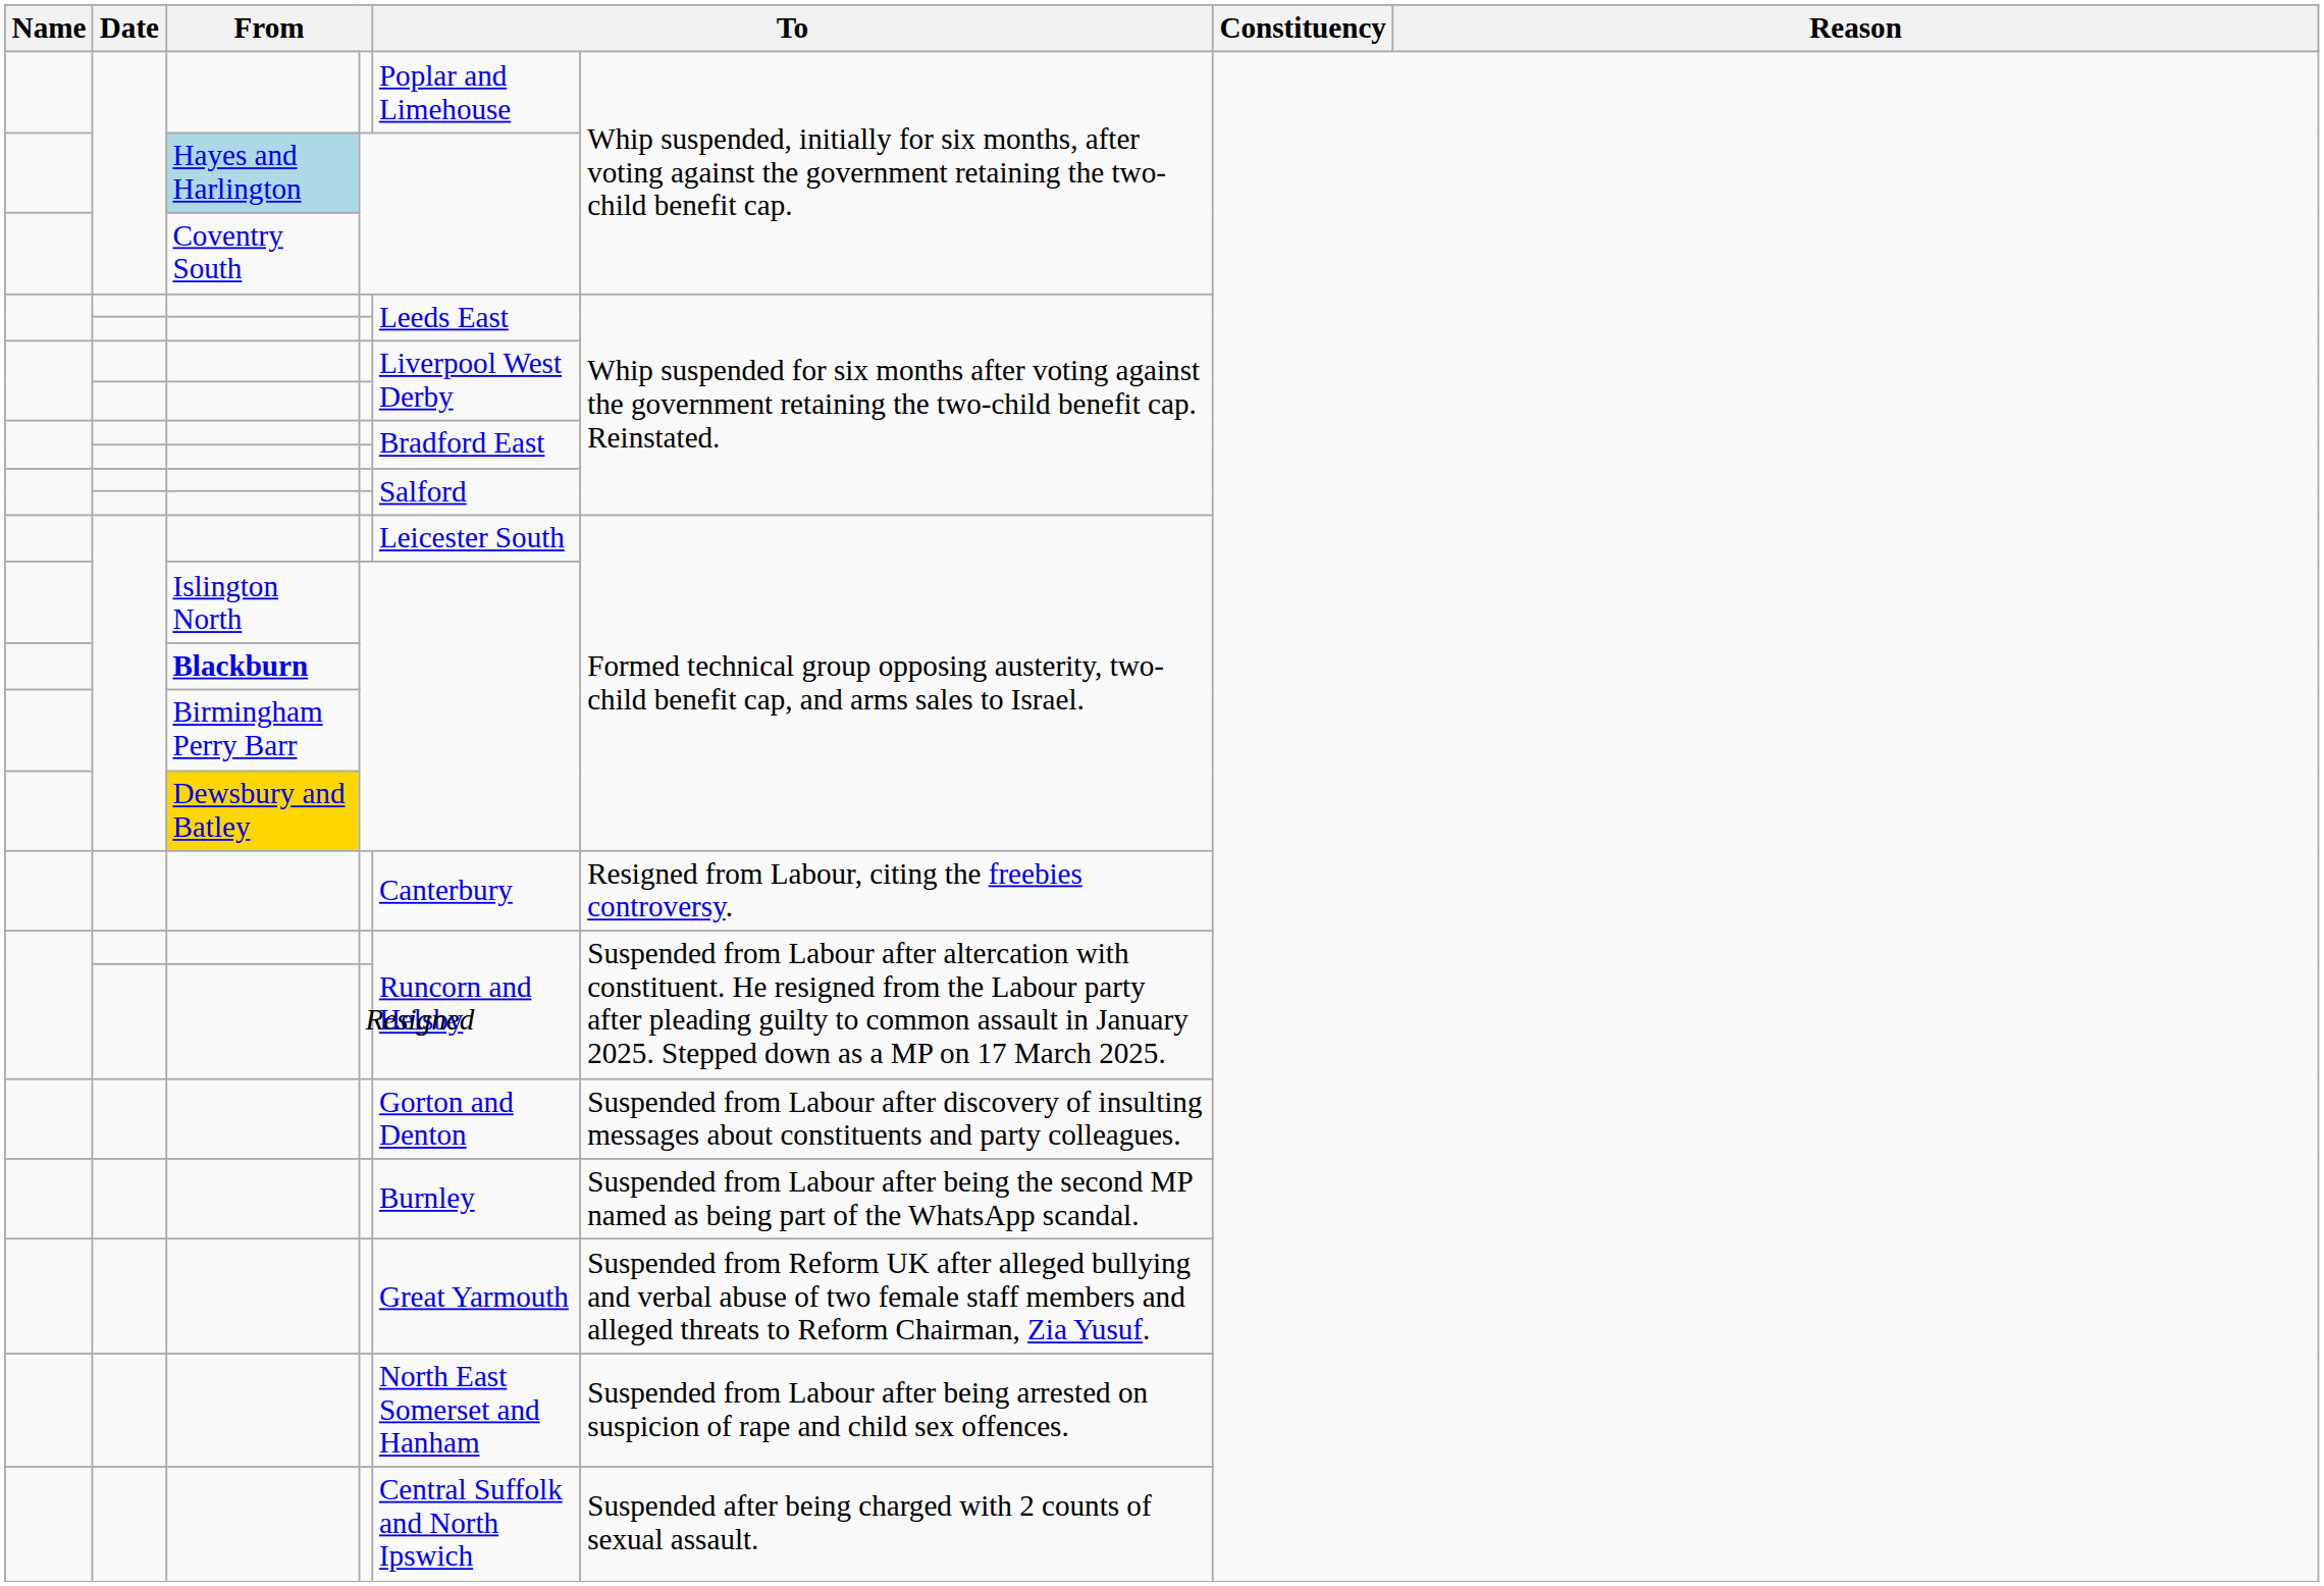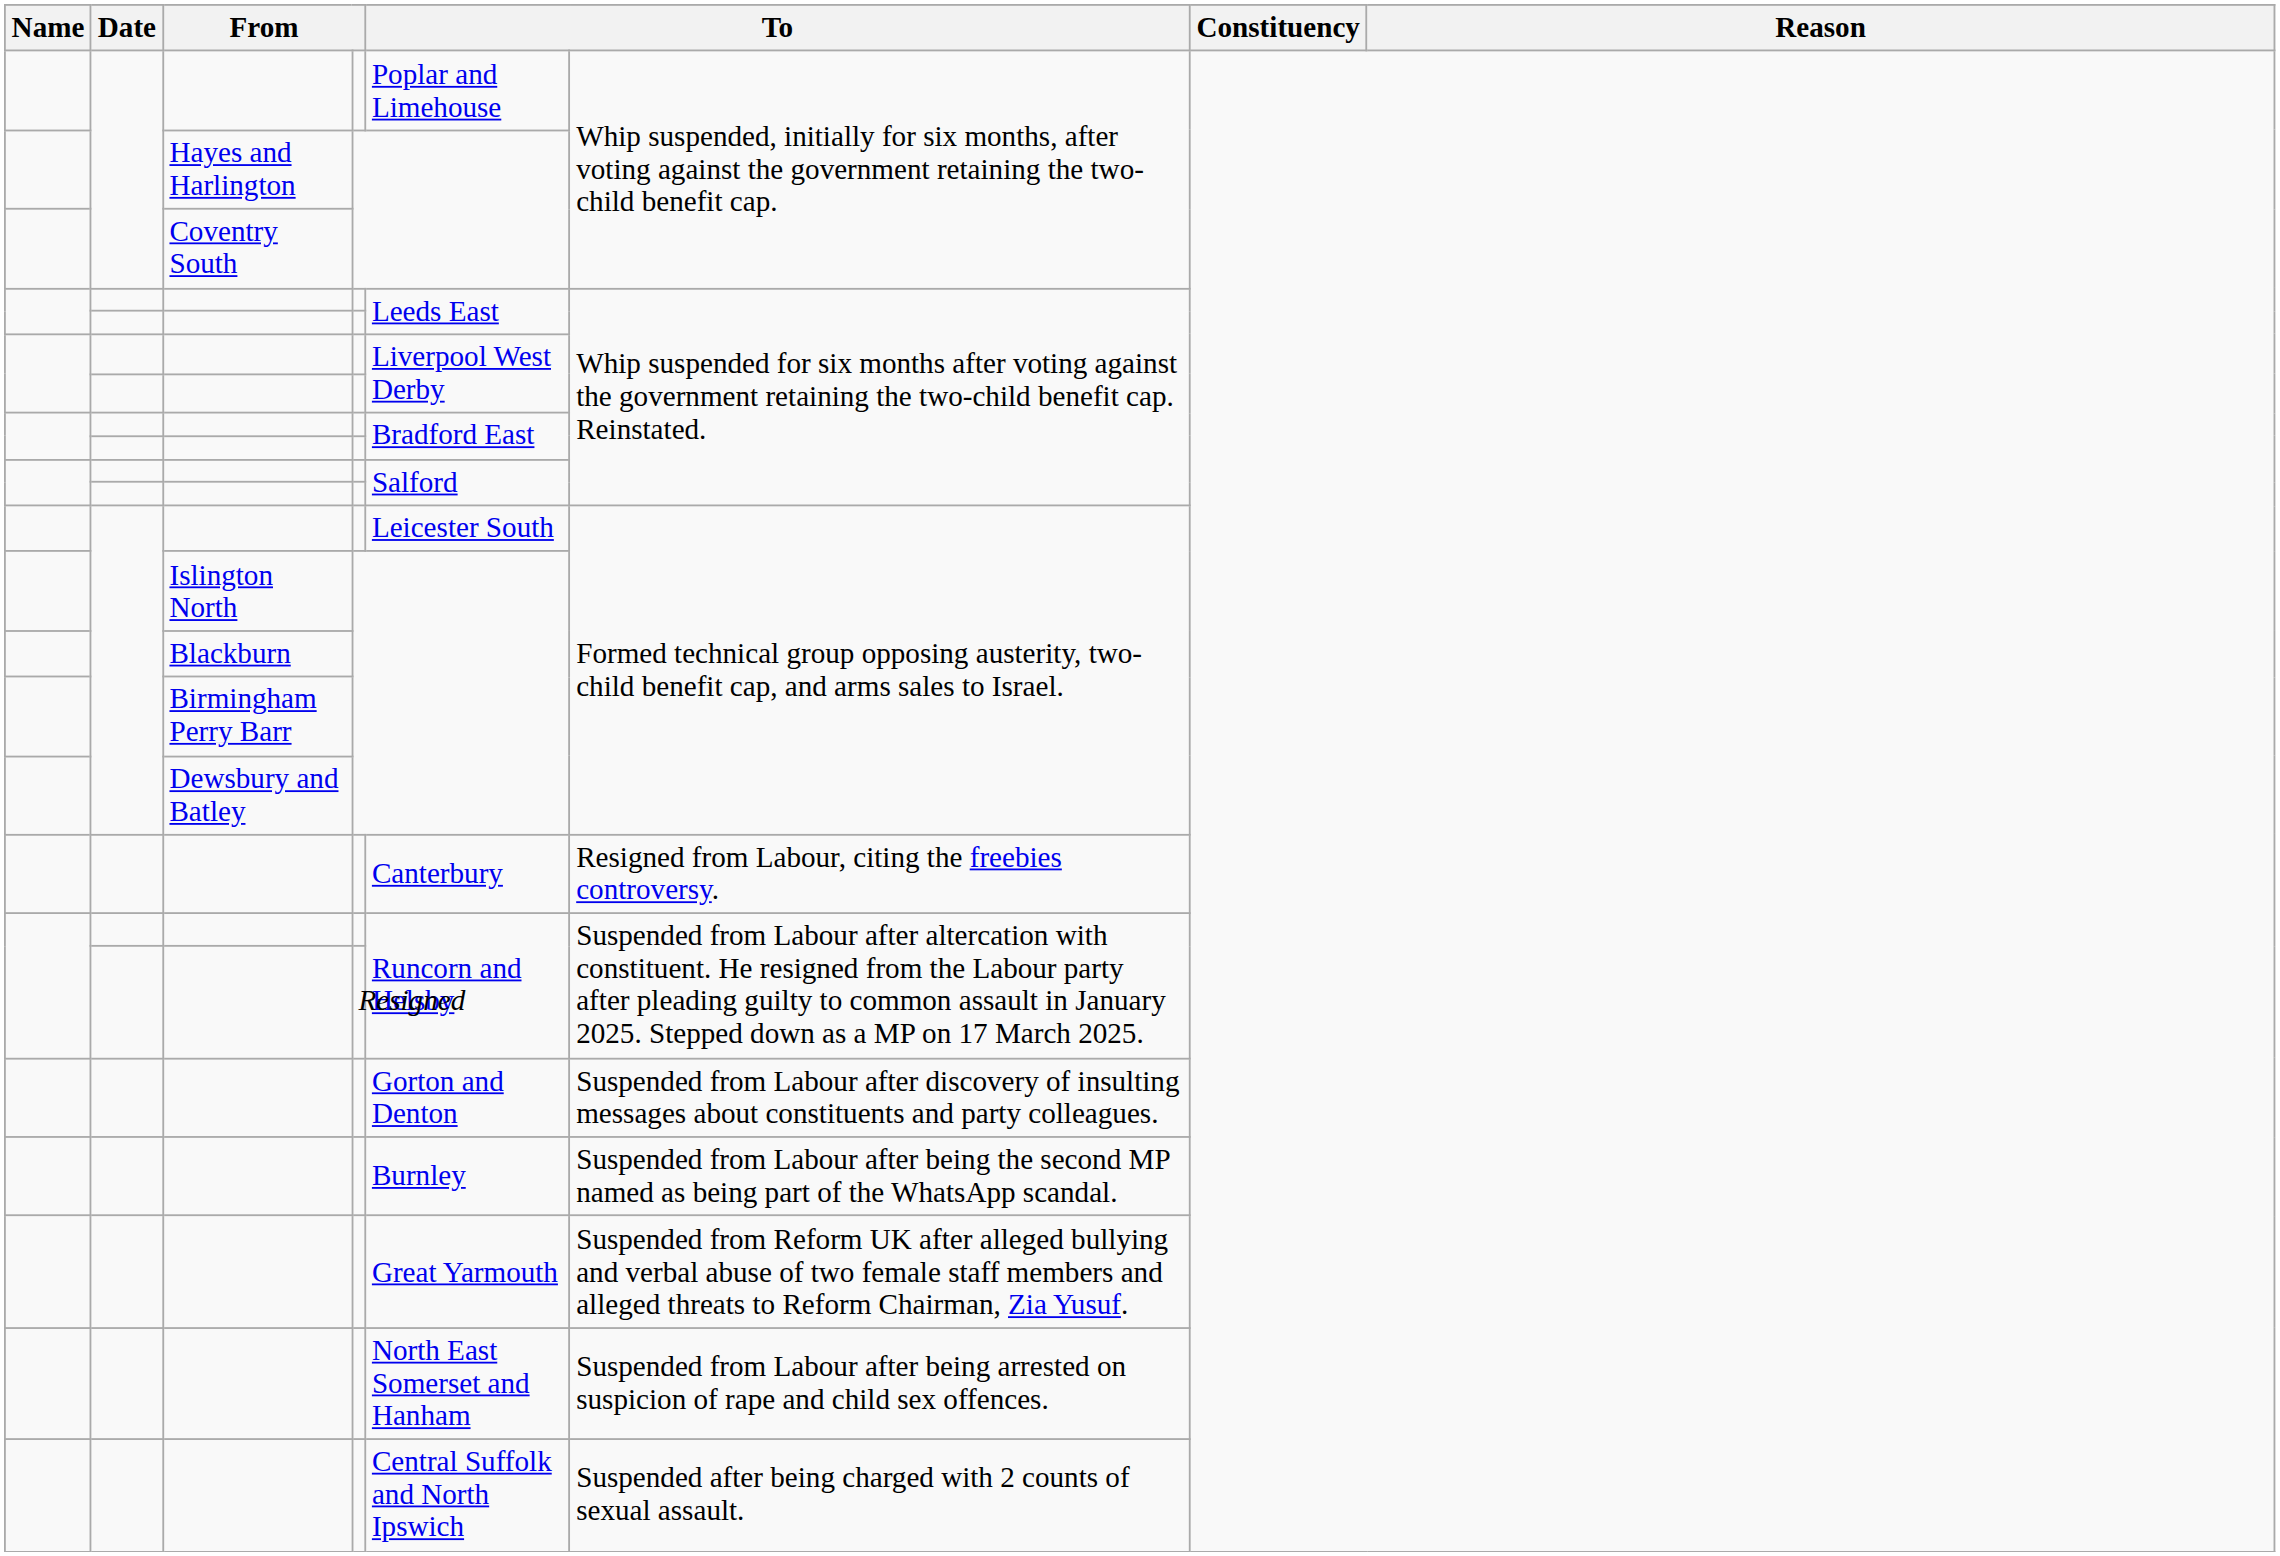 <table class="wikitable sortable">
 <tr>
 <th>Name</th>
 <th>Date</th>
 <th colspan=2 class="unsortable">From</th>
 <th colspan=2 class="unsortable">To</th>
 <th class="unsortable">Constituency</th>
 <th width="40%" class="unsortable">Reason</th>
 </tr>
 <tr>
 <td></td>
 <td rowspan="3"></td>
 <td></td>
 <td></td>
 <td><a href='#'>Poplar and Limehouse</a></td>
 <td rowspan="3">Whip suspended, initially for six months, after voting against the government retaining the two-child benefit cap.</td>
 </tr>
 <tr>
 <td></td>
-<td style="background: lightblue;"><a href='#'>Hayes and Harlington</a></td>
+<td><a href='#'>Hayes and Harlington</a></td>
 </tr>
 <tr>
 <td></td>
 <td><a href='#'>Coventry South</a></td>
 </tr>
 <tr>
 <td rowspan=2></td>
 <td></td>
 <td></td>
 <td></td>
 <td rowspan=2><a href='#'>Leeds East</a></td>
 <td rowspan=8>Whip suspended for six months after voting against the government retaining the two-child benefit cap. Reinstated.</td>
 </tr>
 <tr>
 <td></td>
 <td></td>
 <td></td>
 </tr>
 <tr>
 <td rowspan=2></td>
 <td></td>
 <td></td>
 <td></td>
 <td rowspan=2><a href='#'>Liverpool West Derby</a></td>
 </tr>
 <tr>
 <td></td>
 <td></td>
 <td></td>
 </tr>
 <tr>
 <td rowspan=2></td>
 <td></td>
 <td></td>
 <td></td>
 <td rowspan=2><a href='#'>Bradford East</a></td>
 </tr>
 <tr>
 <td></td>
 <td></td>
 <td></td>
 </tr>
 <tr>
 <td rowspan=2></td>
 <td></td>
 <td></td>
 <td></td>
 <td rowspan=2><a href='#'>Salford</a></td>
 </tr>
 <tr>
 <td></td>
 <td></td>
 <td></td>
 </tr>
 <tr>
 <td></td>
 <td rowspan="5"></td>
 <td></td>
 <td></td>
 <td><a href='#'>Leicester South</a></td>
 <td rowspan="5">Formed technical group opposing austerity, two-child benefit cap, and arms sales to Israel.</td>
 </tr>
 <tr>
 <td></td>
 <td><a href='#'>Islington North</a></td>
 </tr>
 <tr>
 <td></td>
-<td><strong><a href='#'>Blackburn</a></strong></td>
+<td><a href='#'>Blackburn</a></td>
 </tr>
 <tr>
 <td></td>
 <td><a href='#'>Birmingham Perry Barr</a></td>
 </tr>
 <tr>
 <td></td>
-<td style="background: gold;"><a href='#'>Dewsbury and Batley</a></td>
+<td><a href='#'>Dewsbury and Batley</a></td>
 </tr>
 <tr>
 <td></td>
 <td></td>
 <td></td>
 <td></td>
 <td><a href='#'>Canterbury</a></td>
 <td>Resigned from Labour, citing the <a href='#'>freebies controversy</a>.</td>
 </tr>
 <tr>
 <td rowspan="2"></td>
 <td></td>
 <td></td>
 <td></td>
 <td rowspan="2"><a href='#'>Runcorn and Helsby</a></td>
 <td rowspan="2">Suspended from Labour after altercation with constituent. He resigned from the Labour party after pleading guilty to common assault in January 2025. Stepped down as a MP on 17 March 2025.</td>
 </tr>
 <tr>
 <td></td>
 <td></td>
 <td colspan=2><em>Resigned</em></td>
 </tr>
 <tr>
 <td></td>
 <td></td>
 <td></td>
 <td></td>
 <td><a href='#'>Gorton and Denton</a></td>
 <td>Suspended from Labour after discovery of insulting messages about constituents and party colleagues.</td>
 </tr>
 <tr>
 <td></td>
 <td></td>
 <td></td>
 <td></td>
 <td><a href='#'>Burnley</a></td>
 <td>Suspended from Labour after being the second MP named as being part of the WhatsApp scandal.</td>
 </tr>
 <tr>
 <td></td>
 <td></td>
 <td></td>
 <td></td>
 <td><a href='#'>Great Yarmouth</a></td>
 <td>Suspended from Reform UK after alleged bullying and verbal abuse of two female staff members and alleged threats to Reform Chairman, <a href='#'>Zia Yusuf</a>.</td>
 </tr>
 <tr>
 <td></td>
 <td></td>
 <td></td>
 <td></td>
 <td><a href='#'>North East Somerset and Hanham</a></td>
 <td>Suspended from Labour after being arrested on suspicion of rape and child sex offences.</td>
 </tr>
 <tr>
 <td></td>
 <td></td>
 <td></td>
 <td></td>
 <td><a href='#'>Central Suffolk and North Ipswich</a></td>
 <td>Suspended after being charged with 2 counts of sexual assault.</td>
 </tr>
 </table>
